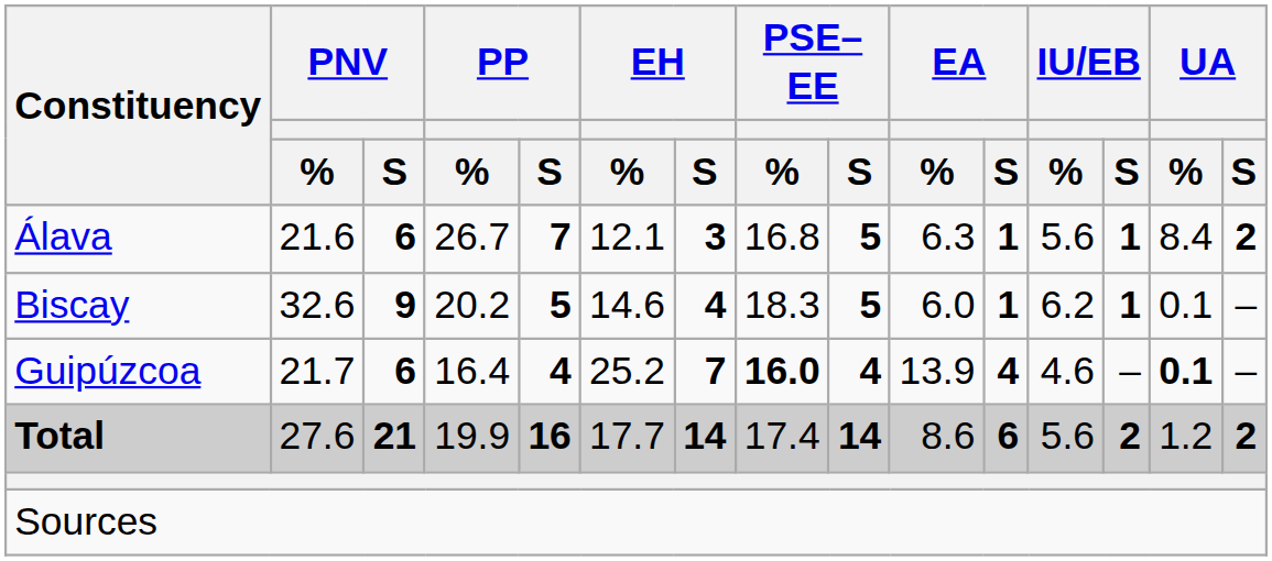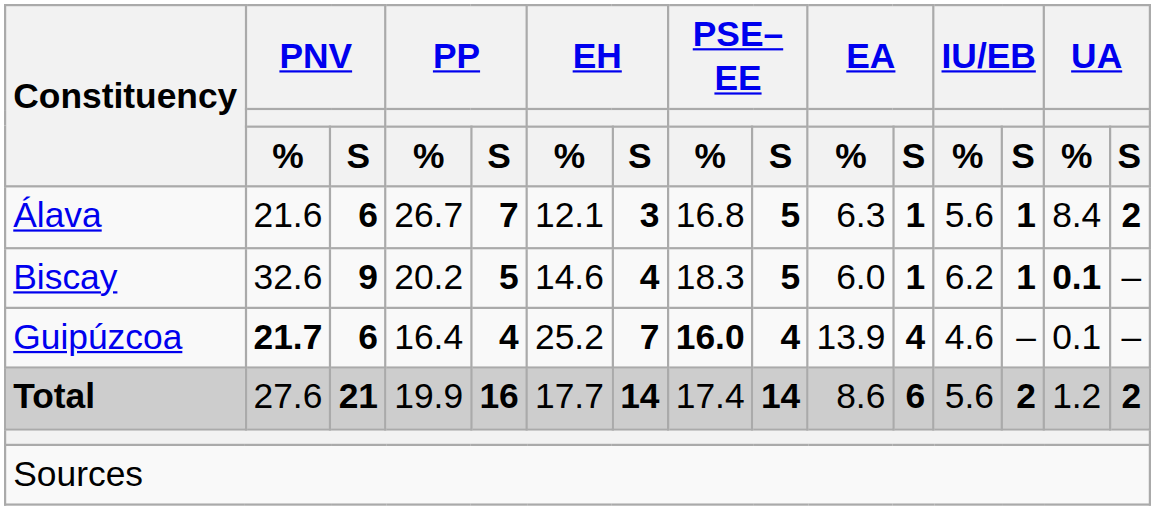 <table class="wikitable sortable" style="text-align:right; line-height:20px;">
 <tr>
 <th rowspan="3">Constituency</th>
 <th colspan="2" width="30px" class="unsortable"><a href='#'>PNV</a></th>
 <th colspan="2" width="30px" class="unsortable"><a href='#'>PP</a></th>
 <th colspan="2" width="30px" class="unsortable"><a href='#'>EH</a></th>
 <th colspan="2" width="30px" class="unsortable"><a href='#'>PSE–EE</a></th>
 <th colspan="2" width="30px" class="unsortable"><a href='#'>EA</a></th>
 <th colspan="2" width="30px" class="unsortable"><a href='#'>IU/EB</a></th>
 <th colspan="2" width="30px" class="unsortable"><a href='#'>UA</a></th>
 </tr>
 <tr>
 <th colspan="2" style="background:"></th>
 <th colspan="2" style="background:"></th>
 <th colspan="2" style="background:"></th>
 <th colspan="2" style="background:"></th>
 <th colspan="2" style="background:"></th>
 <th colspan="2" style="background:"></th>
 <th colspan="2" style="background:"></th>
 </tr>
 <tr>
 <th data-sort-type="number">%</th>
 <th data-sort-type="number">S</th>
 <th data-sort-type="number">%</th>
 <th data-sort-type="number">S</th>
 <th data-sort-type="number">%</th>
 <th data-sort-type="number">S</th>
 <th data-sort-type="number">%</th>
 <th data-sort-type="number">S</th>
 <th data-sort-type="number">%</th>
 <th data-sort-type="number">S</th>
 <th data-sort-type="number">%</th>
 <th data-sort-type="number">S</th>
 <th data-sort-type="number">%</th>
 <th data-sort-type="number">S</th>
 </tr>
 <tr>
 <td align="left"><a href='#'>Álava</a></td>
 <td>21.6</td>
 <td><strong>6</strong></td>
 <td style="background:">26.7</td>
 <td><strong>7</strong></td>
 <td>12.1</td>
 <td><strong>3</strong></td>
 <td>16.8</td>
 <td><strong>5</strong></td>
 <td>6.3</td>
 <td><strong>1</strong></td>
 <td>5.6</td>
 <td><strong>1</strong></td>
 <td>8.4</td>
 <td><strong>2</strong></td>
 </tr>
 <tr>
 <td align="left"><a href='#'>Biscay</a></td>
 <td style="background:">32.6</td>
 <td><strong>9</strong></td>
 <td>20.2</td>
 <td><strong>5</strong></td>
 <td>14.6</td>
 <td><strong>4</strong></td>
 <td>18.3</td>
 <td><strong>5</strong></td>
 <td>6.0</td>
 <td><strong>1</strong></td>
 <td>6.2</td>
 <td><strong>1</strong></td>
-<td>0.1</td>
+<td><strong>0.1</strong></td>
 <td>–</td>
 </tr>
 <tr>
 <td align="left"><a href='#'>Guipúzcoa</a></td>
-<td>21.7</td>
+<td><strong>21.7</strong></td>
 <td><strong>6</strong></td>
 <td>16.4</td>
 <td><strong>4</strong></td>
 <td style="background:">25.2</td>
 <td><strong>7</strong></td>
 <td><strong>16.0</strong></td>
 <td><strong>4</strong></td>
 <td>13.9</td>
 <td><strong>4</strong></td>
 <td>4.6</td>
 <td>–</td>
-<td><strong>0.1</strong></td>
+<td>0.1</td>
 <td>–</td>
 </tr>
 <tr style="background:#CDCDCD;">
 <td align="left"><strong>Total</strong></td>
 <td style="background:">27.6</td>
 <td><strong>21</strong></td>
 <td>19.9</td>
 <td><strong>16</strong></td>
 <td>17.7</td>
 <td><strong>14</strong></td>
 <td>17.4</td>
 <td><strong>14</strong></td>
 <td>8.6</td>
 <td><strong>6</strong></td>
 <td>5.6</td>
 <td><strong>2</strong></td>
 <td>1.2</td>
 <td><strong>2</strong></td>
 </tr>
 <tr>
 <th colspan="15"></th>
 </tr>
 <tr>
 <th style="text-align:left; font-weight:normal; background:#F9F9F9" colspan="15">Sources</th>
 </tr>
 </table>
